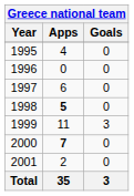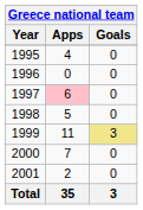 <table class="wikitable" style="text-align:center">
 <tr>
 <th colspan=3><a href='#'>Greece national team</a></th>
 </tr>
 <tr>
 <th>Year</th>
 <th>Apps</th>
 <th>Goals</th>
 </tr>
 <tr>
 </tr>
 <tr>
 <td>1995</td>
 <td>4</td>
 <td>0</td>
 </tr>
 <tr>
 <td>1996</td>
 <td>0</td>
 <td>0</td>
 </tr>
 <tr>
 <td>1997</td>
-<td>6</td>
+<td style="background: pink;">6</td>
 <td>0</td>
 </tr>
 <tr>
 <td>1998</td>
-<td><strong>5</strong></td>
+<td>5</td>
 <td>0</td>
 </tr>
 <tr>
 <td>1999</td>
 <td>11</td>
-<td>3</td>
+<td style="background: khaki;">3</td>
 </tr>
 <tr>
 <td>2000</td>
-<td><strong>7</strong></td>
+<td>7</td>
 <td>0</td>
 </tr>
 <tr>
 <td>2001</td>
 <td>2</td>
 <td>0</td>
 </tr>
 <tr>
 <th>Total</th>
 <th>35</th>
 <th>3</th>
 </tr>
 </table>
